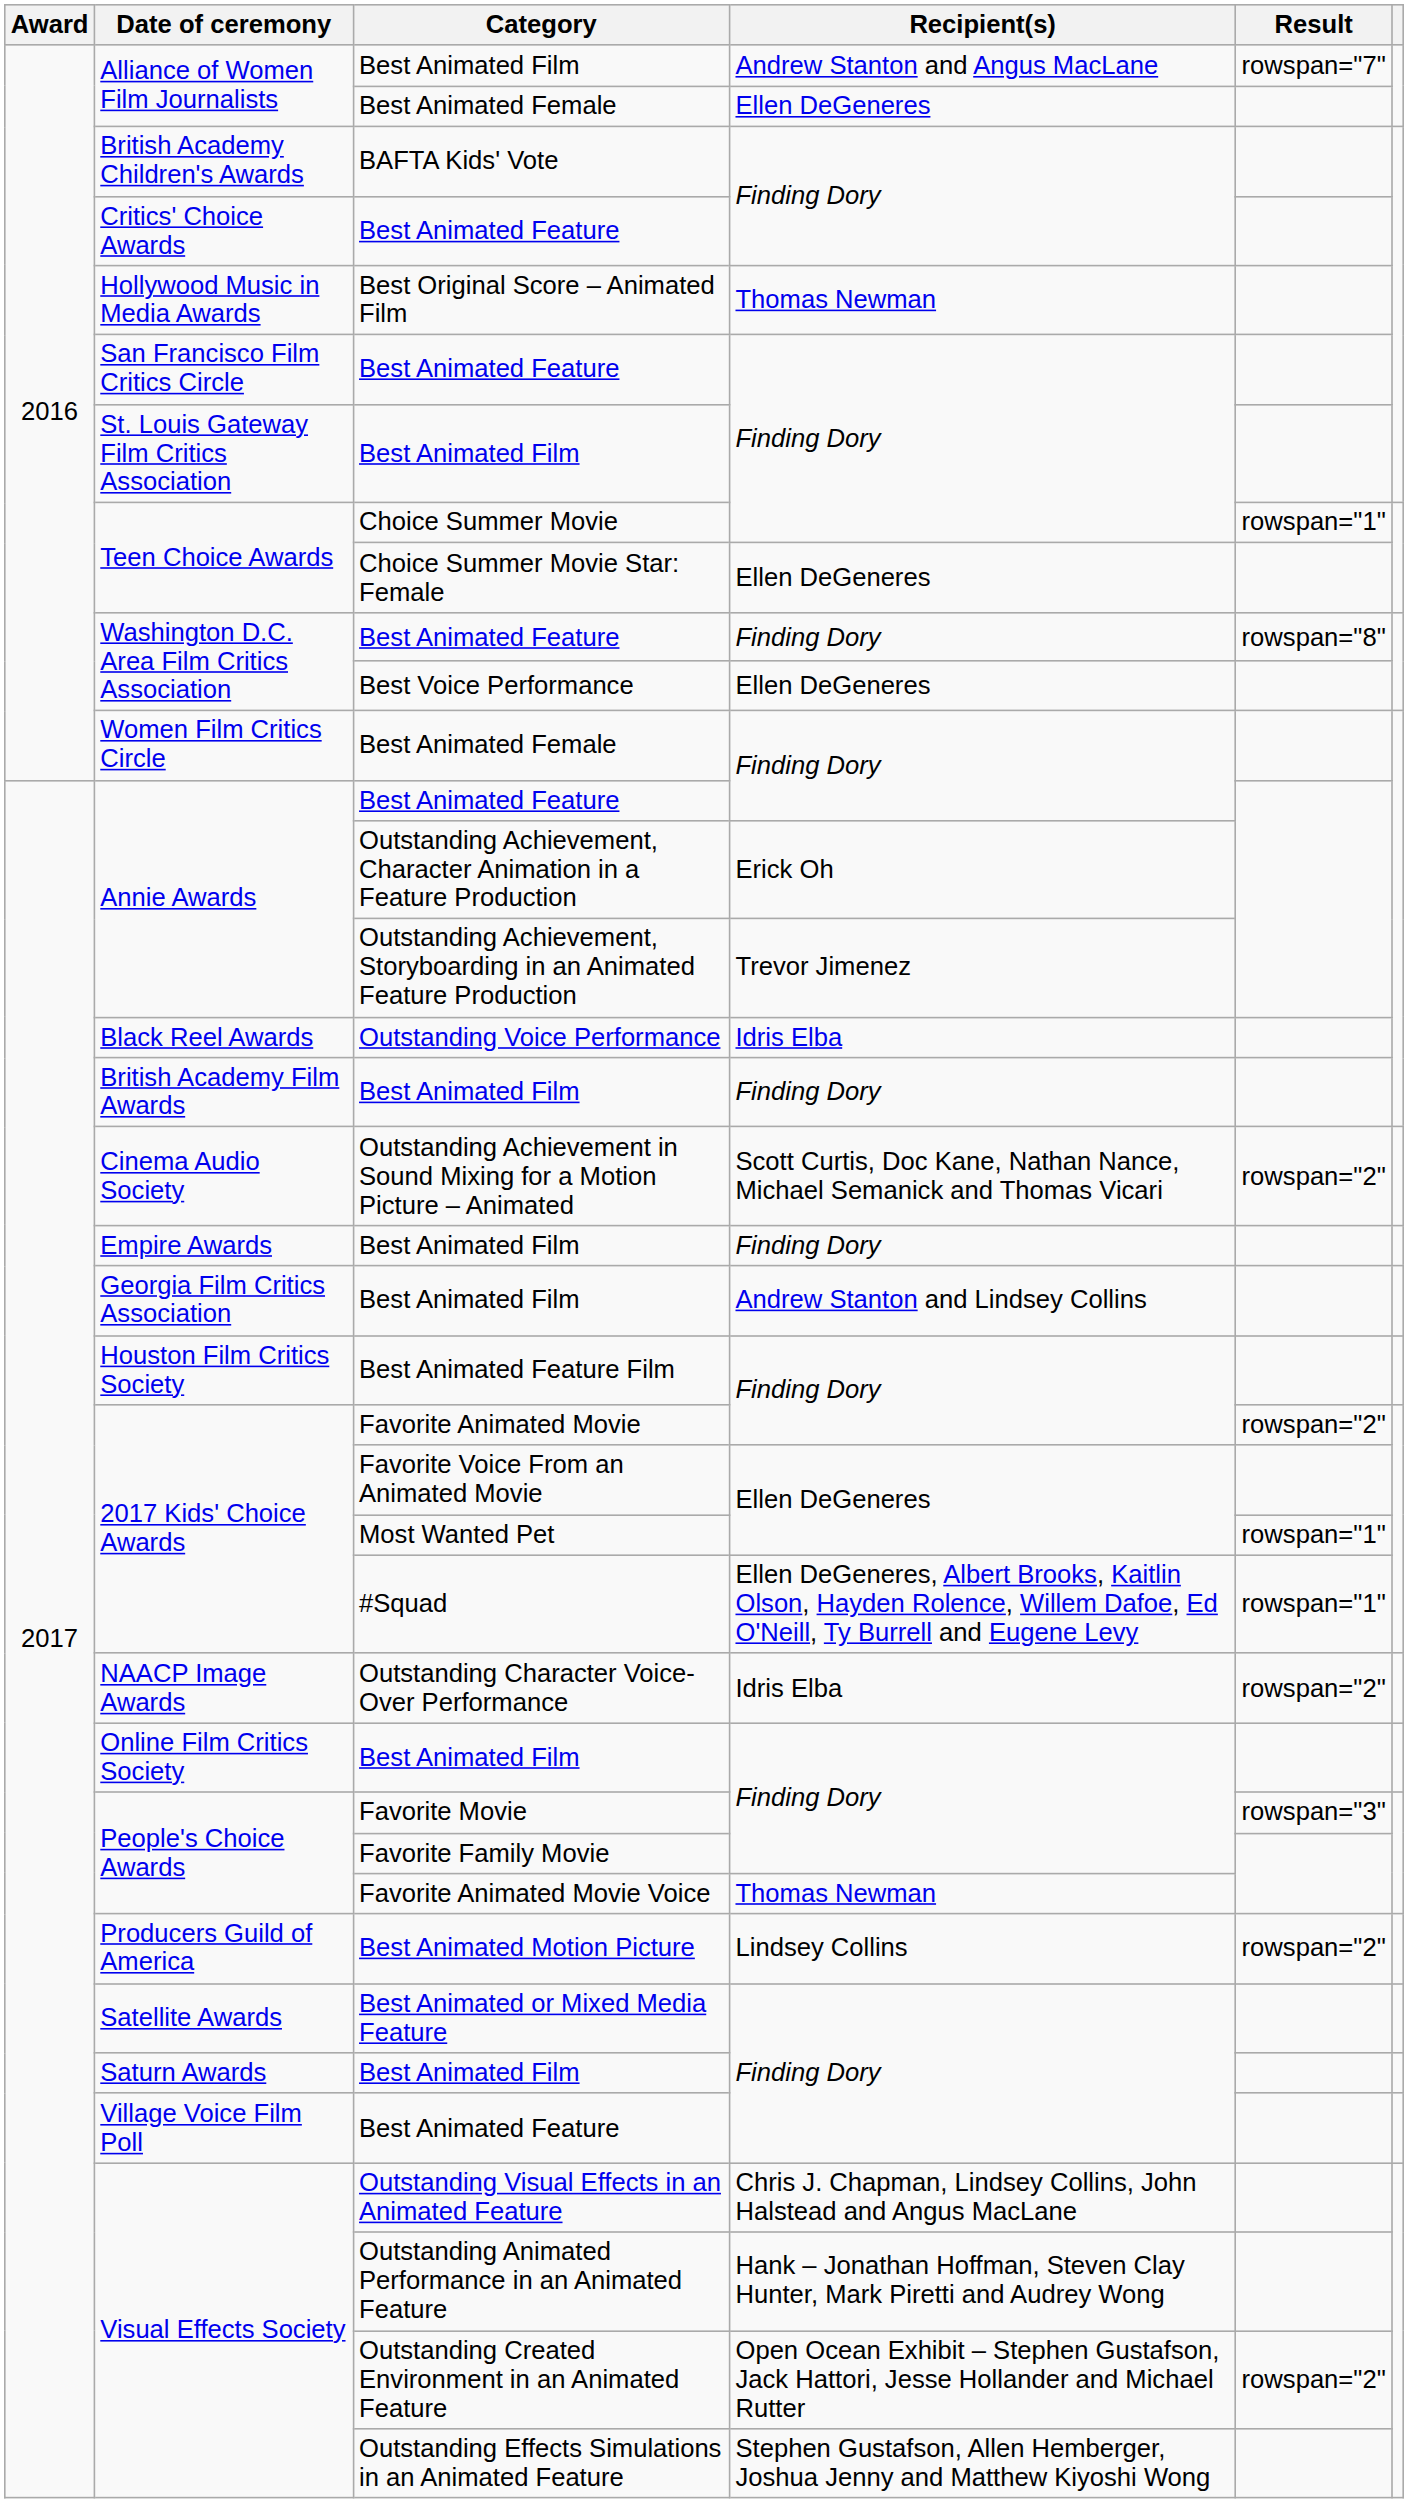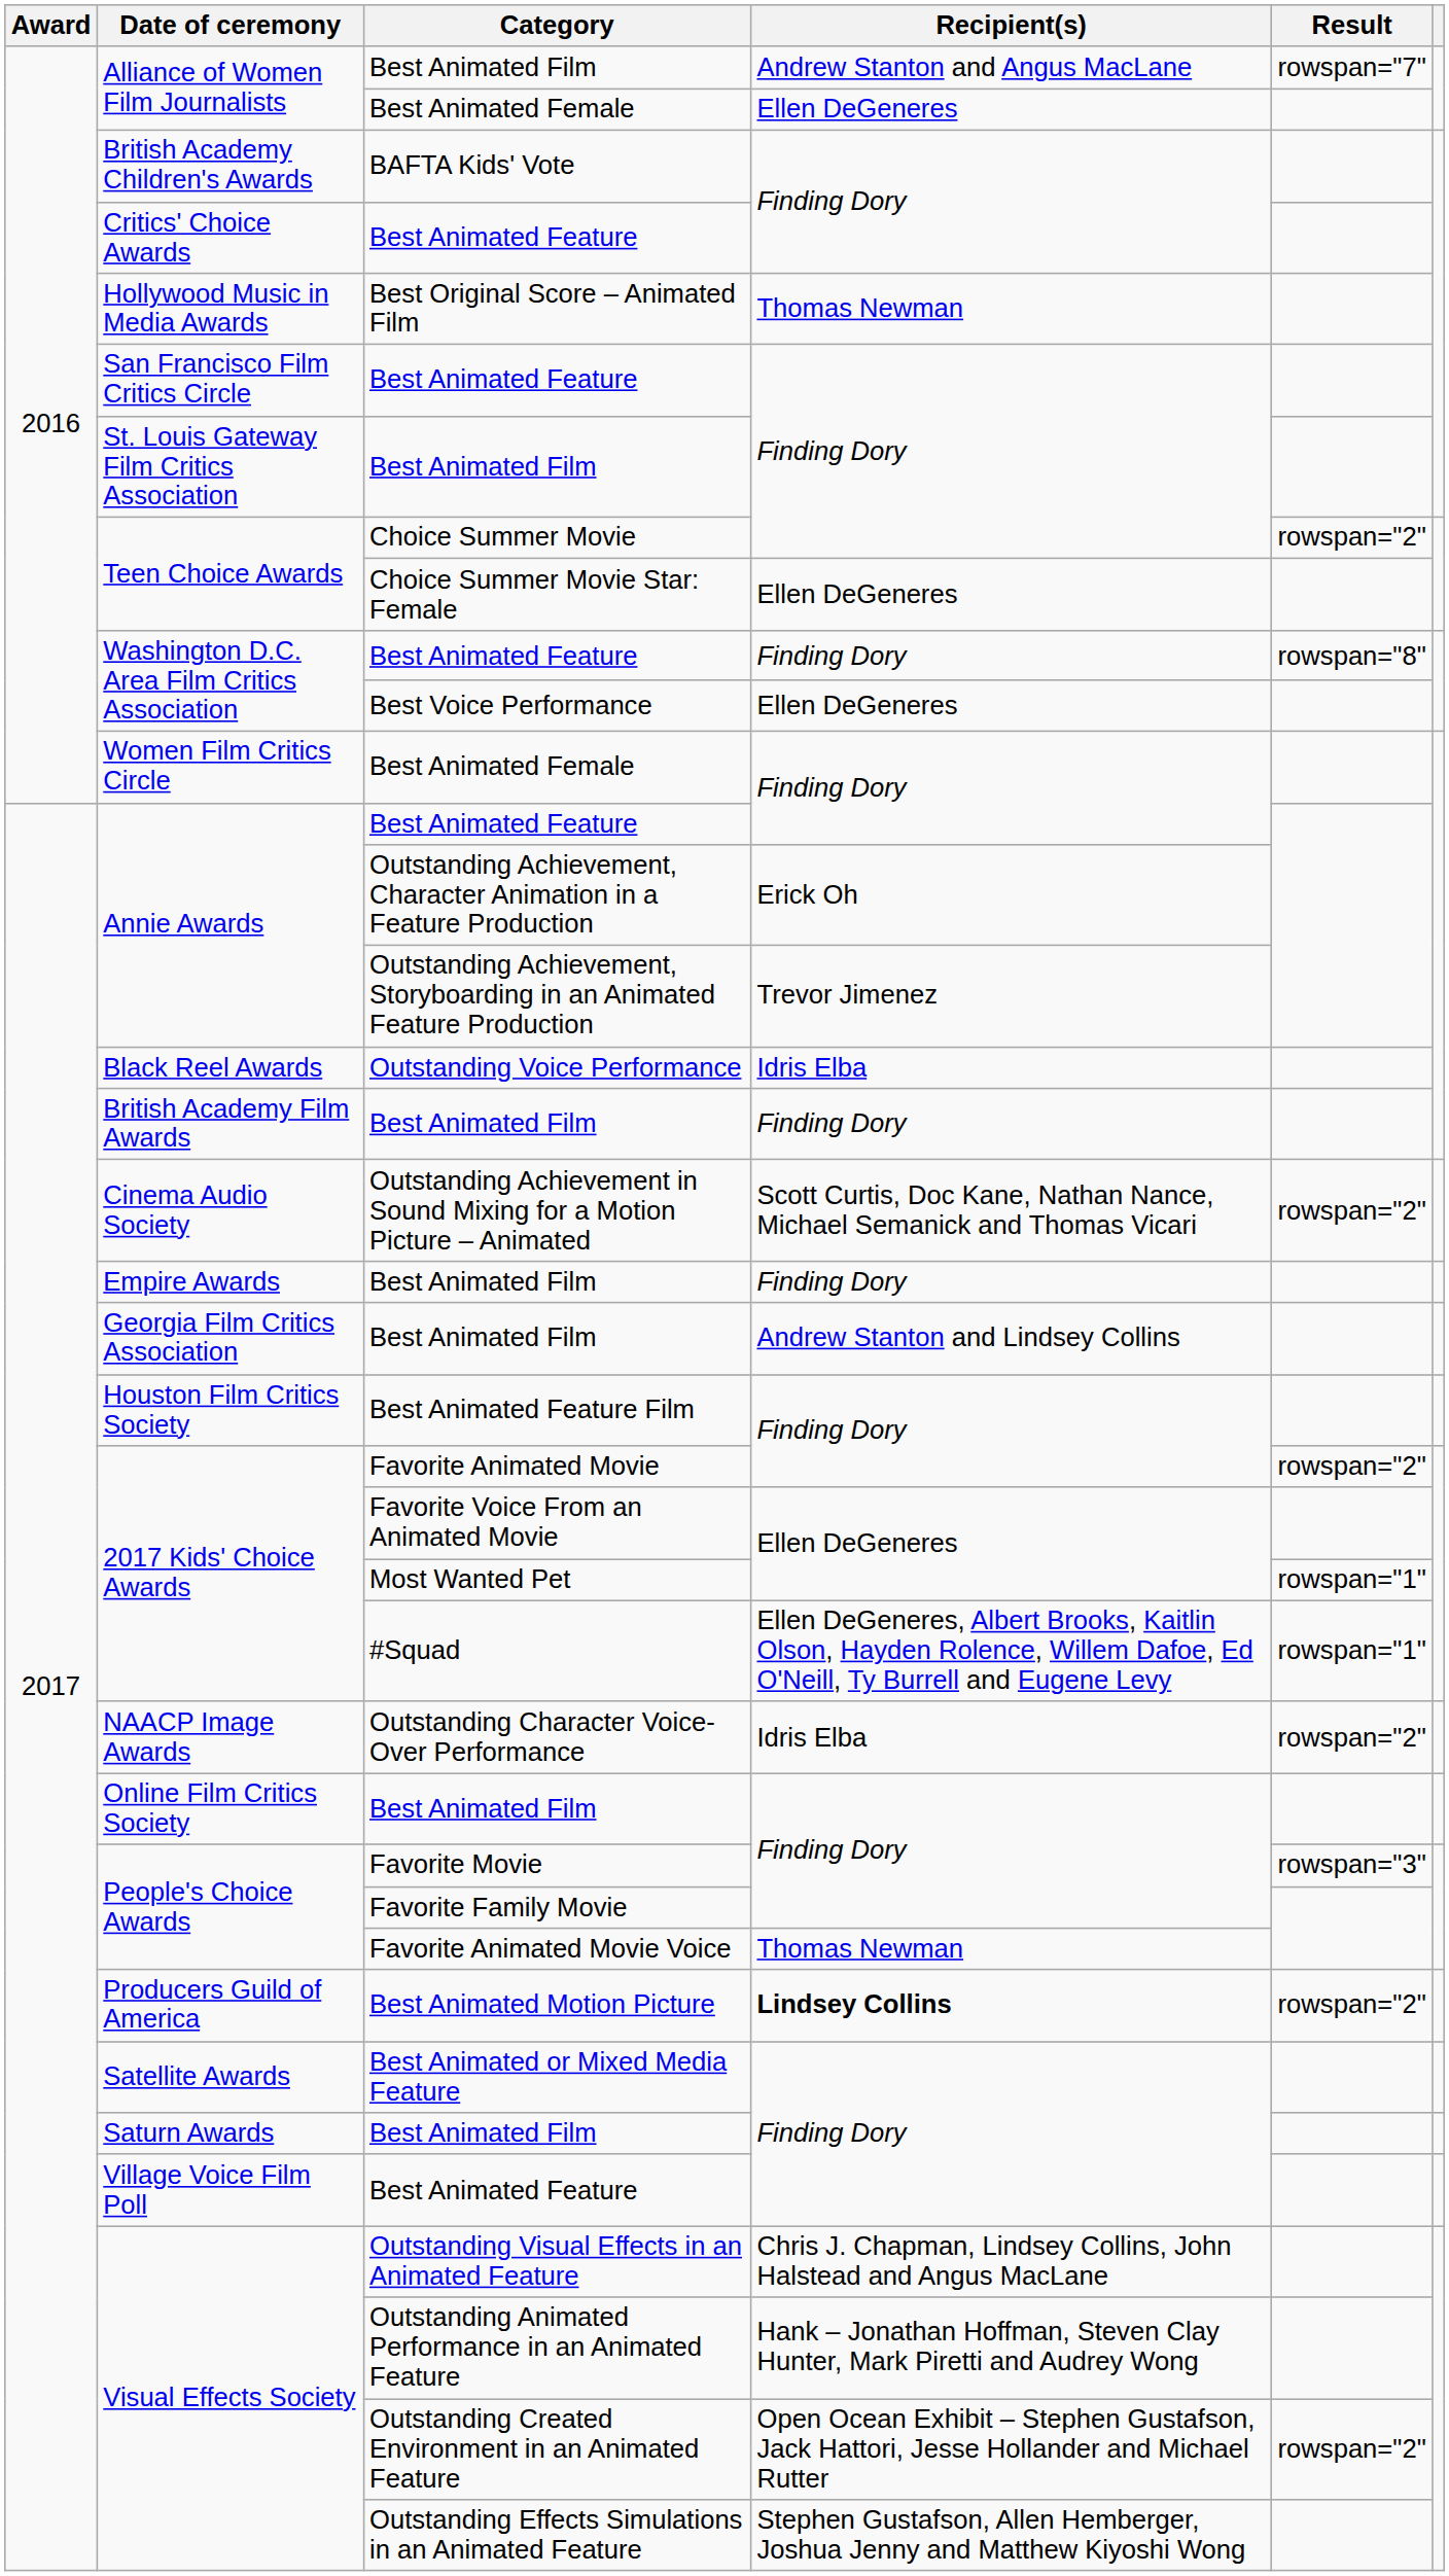 <table class="wikitable sortable plainrowheaders" style="width: 99%">
 <tr>
 <th scope="col">Award</th>
 <th scope="col">Date of ceremony</th>
 <th scope="col">Category</th>
 <th scope="col">Recipient(s)</th>
 <th scope="col">Result</th>
 <th scope="col" class="unsortable"></th>
 </tr>
 <tr>
 <td rowspan="12" style="text-align:center;">2016</td>
 <td rowspan="2"><a href='#'>Alliance of Women Film Journalists</a></td>
 <td>Best Animated Film</td>
 <td><a href='#'>Andrew Stanton</a> and <a href='#'>Angus MacLane</a></td>
 <td>rowspan="7" </td>
 <td rowspan="2" style="text-align:center;"><br></td>
 </tr>
 <tr>
 <td>Best Animated Female</td>
 <td><a href='#'>Ellen DeGeneres</a></td>
 </tr>
 <tr>
 <td><a href='#'>British Academy Children's Awards</a></td>
 <td>BAFTA Kids' Vote</td>
 <td rowspan="2"><em>Finding Dory</em></td>
 <td style="text-align:center;"><br></td>
 </tr>
 <tr>
 <td><a href='#'>Critics' Choice Awards</a></td>
 <td><a href='#'>Best Animated Feature</a></td>
 <td style="text-align:center;"></td>
 </tr>
 <tr>
 <td><a href='#'>Hollywood Music in Media Awards</a></td>
 <td>Best Original Score – Animated Film</td>
 <td><a href='#'>Thomas Newman</a></td>
 <td style="text-align:center;"><br></td>
 </tr>
 <tr>
 <td><a href='#'>San Francisco Film Critics Circle</a></td>
 <td><a href='#'>Best Animated Feature</a></td>
 <td rowspan="3"><em>Finding Dory</em></td>
 <td style="text-align:center;"><br></td>
 </tr>
 <tr>
 <td><a href='#'>St. Louis Gateway Film Critics Association</a></td>
 <td><a href='#'>Best Animated Film</a></td>
 <td style="text-align:center;"></td>
 </tr>
 <tr>
 <td rowspan="2"><a href='#'>Teen Choice Awards</a></td>
 <td>Choice Summer Movie</td>
-<td>rowspan="1" </td>
+<td>rowspan="2" </td>
 <td rowspan="2" style="text-align:center;"></td>
 </tr>
 <tr>
 <td>Choice Summer Movie Star: Female</td>
 <td>Ellen DeGeneres</td>
 </tr>
 <tr>
 <td rowspan="2"><a href='#'>Washington D.C. Area Film Critics Association</a></td>
 <td><a href='#'>Best Animated Feature</a></td>
 <td><em>Finding Dory</em></td>
 <td>rowspan="8" </td>
 <td rowspan="2" style="text-align:center;"></td>
 </tr>
 <tr>
 <td>Best Voice Performance</td>
 <td>Ellen DeGeneres</td>
 </tr>
 <tr>
 <td><a href='#'>Women Film Critics Circle</a></td>
 <td>Best Animated Female</td>
 <td rowspan="2"><em>Finding Dory</em></td>
 <td style="text-align:center;"></td>
 </tr>
 <tr>
 <td rowspan="26" style="text-align:center;">2017</td>
 <td rowspan="3"><a href='#'>Annie Awards</a></td>
 <td><a href='#'>Best Animated Feature</a></td>
 <td rowspan="3" style="text-align:center;"></td>
 </tr>
 <tr>
 <td>Outstanding Achievement, Character Animation in a Feature Production</td>
 <td>Erick Oh</td>
 </tr>
 <tr>
 <td>Outstanding Achievement, Storyboarding in an Animated Feature Production</td>
 <td>Trevor Jimenez</td>
 </tr>
 <tr>
 <td><a href='#'>Black Reel Awards</a></td>
 <td><a href='#'>Outstanding Voice Performance</a></td>
 <td><a href='#'>Idris Elba</a></td>
 <td style="text-align:center;"></td>
 </tr>
 <tr>
 <td><a href='#'>British Academy Film Awards</a></td>
 <td><a href='#'>Best Animated Film</a></td>
 <td><em>Finding Dory</em></td>
 <td style="text-align:center;"></td>
 </tr>
 <tr>
 <td><a href='#'>Cinema Audio Society</a></td>
 <td>Outstanding Achievement in Sound Mixing for a Motion Picture – Animated</td>
 <td>Scott Curtis, Doc Kane, Nathan Nance, Michael Semanick and Thomas Vicari</td>
 <td>rowspan="2" </td>
 <td style="text-align:center;"></td>
 </tr>
 <tr>
 <td><a href='#'>Empire Awards</a></td>
 <td>Best Animated Film</td>
 <td><em>Finding Dory</em></td>
 <td style="text-align:center;"></td>
 </tr>
 <tr>
 <td><a href='#'>Georgia Film Critics Association</a></td>
 <td>Best Animated Film</td>
 <td><a href='#'>Andrew Stanton</a> and Lindsey Collins</td>
 <td></td>
 <td style="text-align:center;"></td>
 </tr>
 <tr>
 <td><a href='#'>Houston Film Critics Society</a></td>
 <td>Best Animated Feature Film</td>
 <td rowspan="2"><em>Finding Dory</em></td>
 <td></td>
 <td style="text-align:center;"><br></td>
 </tr>
 <tr>
 <td rowspan="4"><a href='#'>2017 Kids' Choice Awards</a></td>
 <td>Favorite Animated Movie</td>
 <td>rowspan="2" </td>
 <td rowspan="4" style="text-align:center;"></td>
 </tr>
 <tr>
 <td>Favorite Voice From an Animated Movie</td>
 <td rowspan="2">Ellen DeGeneres</td>
 </tr>
 <tr>
 <td>Most Wanted Pet</td>
 <td>rowspan="1" </td>
 </tr>
 <tr>
 <td>#Squad</td>
 <td>Ellen DeGeneres, <a href='#'>Albert Brooks</a>, <a href='#'>Kaitlin Olson</a>, <a href='#'>Hayden Rolence</a>, <a href='#'>Willem Dafoe</a>, <a href='#'>Ed O'Neill</a>, <a href='#'>Ty Burrell</a> and <a href='#'>Eugene Levy</a></td>
 <td>rowspan="1" </td>
 </tr>
 <tr>
 <td><a href='#'>NAACP Image Awards</a></td>
 <td>Outstanding Character Voice-Over Performance</td>
 <td>Idris Elba</td>
 <td>rowspan="2" </td>
 <td style="text-align:center;"></td>
 </tr>
 <tr>
 <td><a href='#'>Online Film Critics Society</a></td>
 <td><a href='#'>Best Animated Film</a></td>
 <td rowspan="3"><em>Finding Dory</em></td>
 <td style="text-align:center;"></td>
 </tr>
 <tr>
 <td rowspan="3"><a href='#'>People's Choice Awards</a></td>
 <td>Favorite Movie</td>
 <td>rowspan="3" </td>
 <td rowspan="3" style="text-align:center;"></td>
 </tr>
 <tr>
 <td>Favorite Family Movie</td>
 </tr>
 <tr>
 <td>Favorite Animated Movie Voice</td>
 <td><a href='#'>Thomas Newman</a></td>
 </tr>
 <tr>
 <td><a href='#'>Producers Guild of America</a></td>
 <td><a href='#'>Best Animated Motion Picture</a></td>
-<td>Lindsey Collins</td>
+<td><strong>Lindsey Collins</strong></td>
 <td>rowspan="2" </td>
 <td style="text-align:center;"></td>
 </tr>
 <tr>
 <td><a href='#'>Satellite Awards</a></td>
 <td><a href='#'>Best Animated or Mixed Media Feature</a></td>
 <td rowspan="3"><em>Finding Dory</em></td>
 <td style="text-align:center;"></td>
 </tr>
 <tr>
 <td><a href='#'>Saturn Awards</a></td>
 <td><a href='#'>Best Animated Film</a></td>
 <td></td>
 <td style="text-align:center;"></td>
 </tr>
 <tr>
 <td><a href='#'>Village Voice Film Poll</a></td>
 <td>Best Animated Feature</td>
 <td></td>
 <td style="text-align:center;"></td>
 </tr>
 <tr>
 <td rowspan="4"><a href='#'>Visual Effects Society</a></td>
 <td><a href='#'>Outstanding Visual Effects in an Animated Feature</a></td>
 <td>Chris J. Chapman, Lindsey Collins, John Halstead and Angus MacLane</td>
 <td></td>
 <td rowspan="4" style="text-align:center;"></td>
 </tr>
 <tr>
 <td>Outstanding Animated Performance in an Animated Feature</td>
 <td>Hank – Jonathan Hoffman, Steven Clay Hunter, Mark Piretti and Audrey Wong</td>
 <td></td>
 </tr>
 <tr>
 <td>Outstanding Created Environment in an Animated Feature</td>
 <td>Open Ocean Exhibit – Stephen Gustafson, Jack Hattori, Jesse Hollander and Michael Rutter</td>
 <td>rowspan="2" </td>
 </tr>
 <tr>
 <td>Outstanding Effects Simulations in an Animated Feature</td>
 <td>Stephen Gustafson, Allen Hemberger, Joshua Jenny and Matthew Kiyoshi Wong</td>
 </tr>
 </table>
